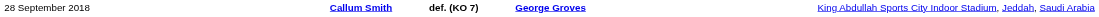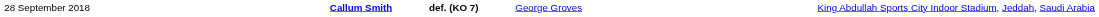 <table style="width:100%;" cellspacing="1">
 <tr>
 <th width=15%></th>
 <th width=25%></th>
 <th width=10%></th>
 <th width=25%></th>
 </tr>
 <tr style=font-size:100%>
 <td align=right>28 September 2018</td>
 <td align=right><strong><a href='#'>Callum Smith</a></strong> </td>
 <td align=center><strong>def. (KO 7)</strong></td>
-<td><strong> <a href='#'>George Groves</a></strong></td>
+<td> <a href='#'>George Groves</a></td>
 <td><a href='#'>King Abdullah Sports City Indoor Stadium</a>, <a href='#'>Jeddah</a>, <a href='#'>Saudi Arabia</a></td>
 </tr>
 </table>
